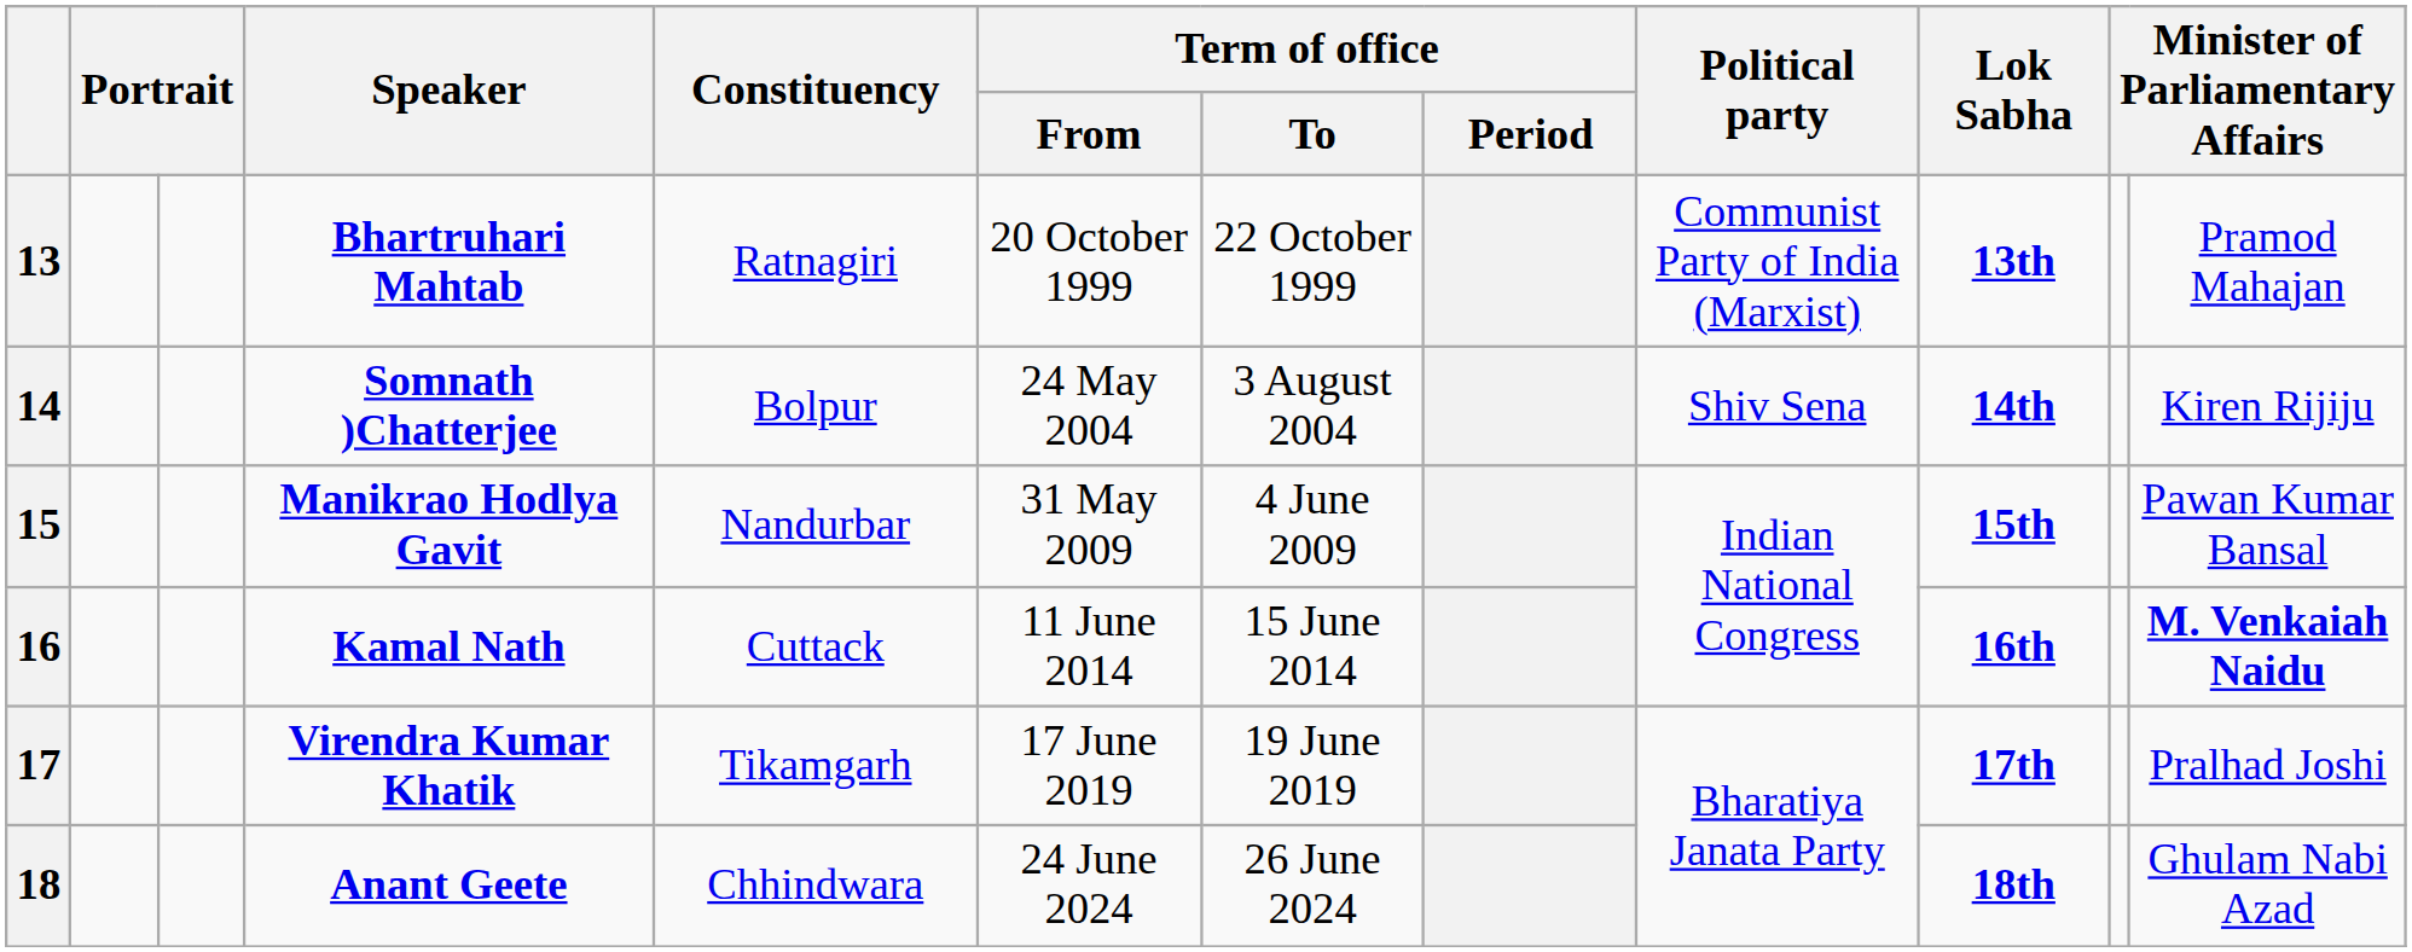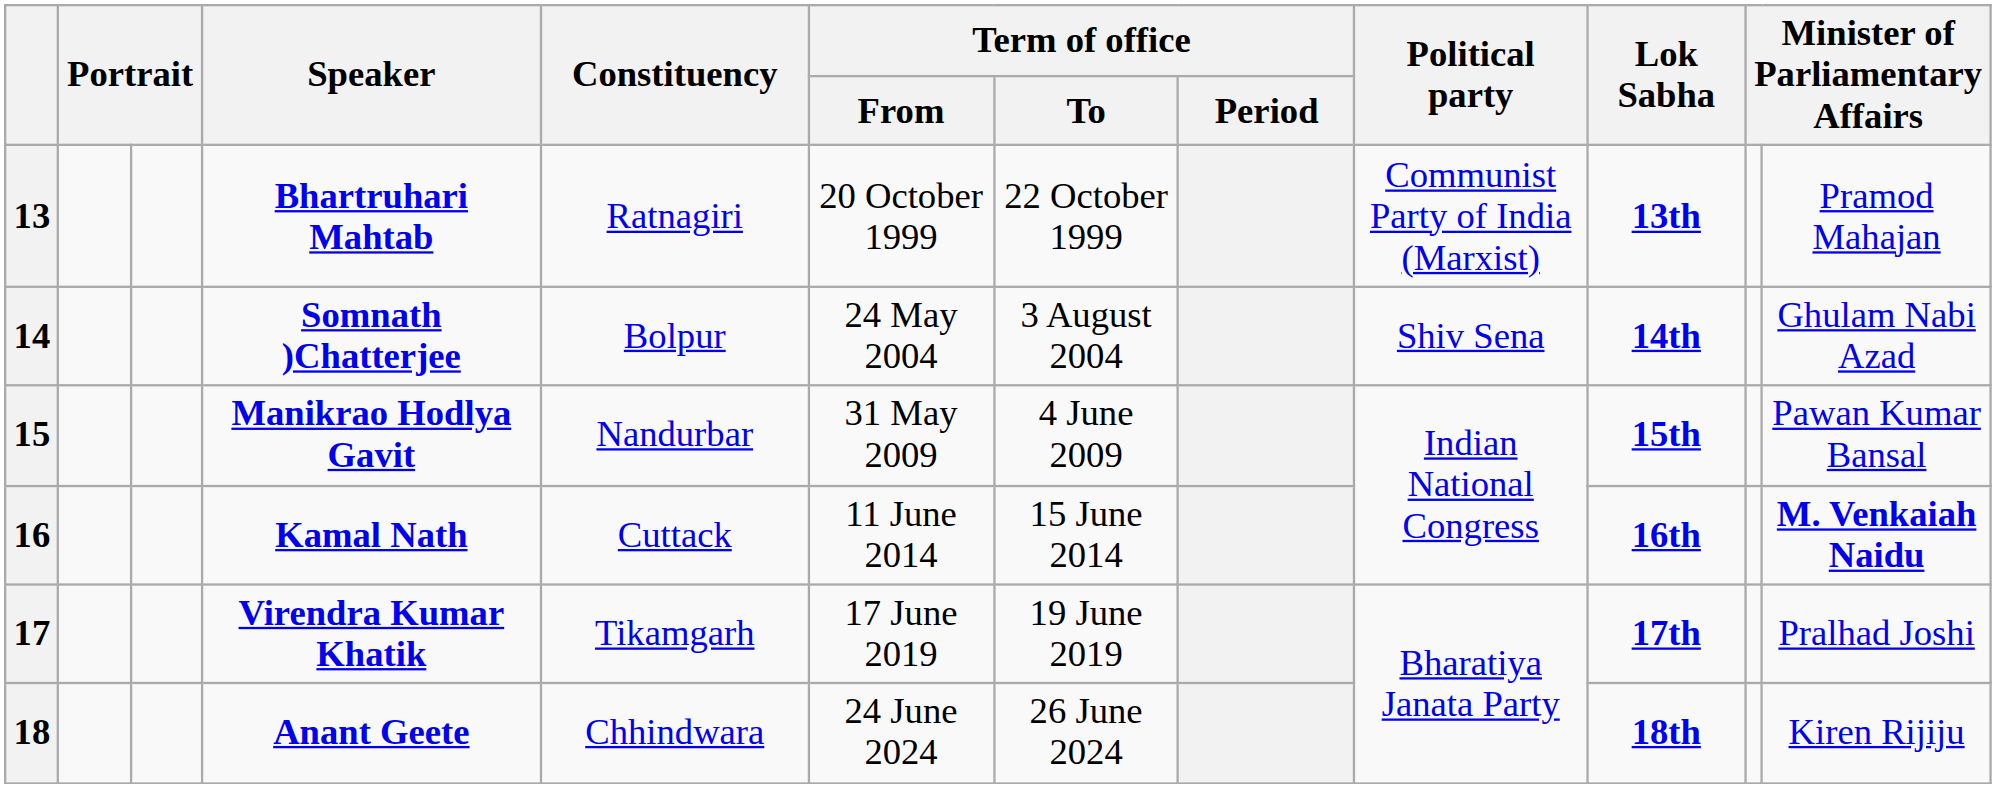 <table class="wikitable" style="text-align:center">
 <tr>
 <th rowspan="2"></th>
 <th colspan="2" rowspan="2">Portrait</th>
 <th rowspan="2" style="width:15em">Speaker<br></th>
 <th rowspan="2" style="width:9em">Constituency</th>
 <th colspan="3">Term of office</th>
 <th rowspan="2" style="width:8em">Political party</th>
 <th rowspan="2" style="width:6em">Lok Sabha</th>
 <th colspan="2" rowspan="2">Minister of Parliamentary Affairs</th>
 </tr>
 <tr>
 <th style="width:7em">From</th>
 <th style="width:7em">To</th>
 <th style="width:7em">Period</th>
 </tr>
 <tr>
 <th>13</th>
 <td></td>
 <td></td>
 <td><strong><a href='#'>Bhartruhari Mahtab</a></strong><br></td>
 <td><a href='#'>Ratnagiri</a></td>
 <td>20 October<br>1999</td>
 <td>22 October<br>1999</td>
 <th></th>
 <td><a href='#'>Communist Party of India (Marxist)</a></td>
 <td><a href='#'><strong>13th</strong></a><br></td>
 <td></td>
 <td><a href='#'>Pramod Mahajan</a></td>
 </tr>
 <tr>
 <th>14</th>
 <td></td>
 <td></td>
 <td><strong><a href='#'>Somnath )Chatterjee</a></strong><br></td>
 <td><a href='#'>Bolpur</a></td>
 <td>24 May<br>2004</td>
 <td>3 August<br>2004</td>
 <th></th>
 <td><a href='#'>Shiv Sena</a></td>
 <td><a href='#'><strong>14th</strong></a><br></td>
 <td></td>
-<td><a href='#'>Kiren Rijiju</a></td>
+<td><a href='#'>Ghulam Nabi Azad</a></td>
 </tr>
 <tr>
 <th>15</th>
 <td></td>
 <td></td>
 <td><strong><a href='#'>Manikrao Hodlya Gavit</a></strong><br></td>
 <td><a href='#'>Nandurbar</a></td>
 <td>31 May<br>2009</td>
 <td>4 June<br>2009</td>
 <th></th>
 <td rowspan="2"><a href='#'>Indian National Congress</a></td>
 <td><a href='#'><strong>15th</strong></a><br></td>
 <td></td>
 <td><a href='#'>Pawan Kumar Bansal</a></td>
 </tr>
 <tr>
 <th>16</th>
 <td></td>
 <td></td>
 <td><strong><a href='#'>Kamal Nath</a></strong><br></td>
 <td><a href='#'>Cuttack</a></td>
 <td>11 June<br>2014</td>
 <td>15 June<br>2014</td>
 <th></th>
 <td><a href='#'><strong>16th</strong></a><br></td>
 <td></td>
 <td><strong><a href='#'>M. Venkaiah Naidu</a></strong></td>
 </tr>
 <tr>
 <th>17</th>
 <td></td>
 <td></td>
 <td><strong><a href='#'>Virendra Kumar Khatik</a></strong><br></td>
 <td><a href='#'>Tikamgarh</a></td>
 <td>17 June<br>2019</td>
 <td>19 June<br>2019</td>
 <th></th>
 <td rowspan="2"><a href='#'>Bharatiya Janata Party</a></td>
 <td><a href='#'><strong>17th</strong></a><br></td>
 <td></td>
 <td><a href='#'>Pralhad Joshi</a></td>
 </tr>
 <tr>
 <th>18</th>
 <td></td>
 <td></td>
 <td><strong><a href='#'>Anant Geete</a></strong><br></td>
 <td><a href='#'>Chhindwara</a></td>
 <td>24 June 2024</td>
 <td>26 June 2024</td>
 <th></th>
 <td><a href='#'><strong>18th</strong></a><br></td>
 <td></td>
-<td><a href='#'>Ghulam Nabi Azad</a></td>
+<td><a href='#'>Kiren Rijiju</a></td>
 </tr>
 <tr>
 </tr>
 </table>
